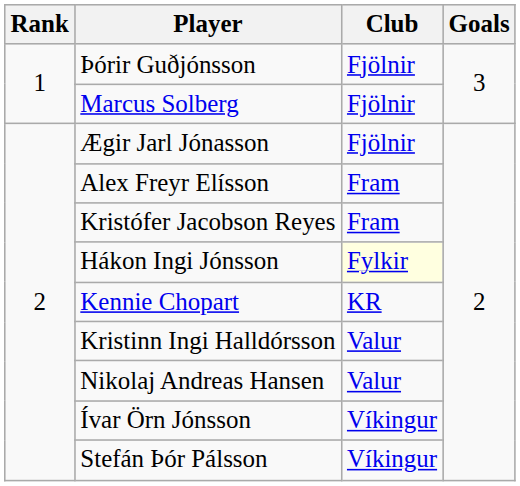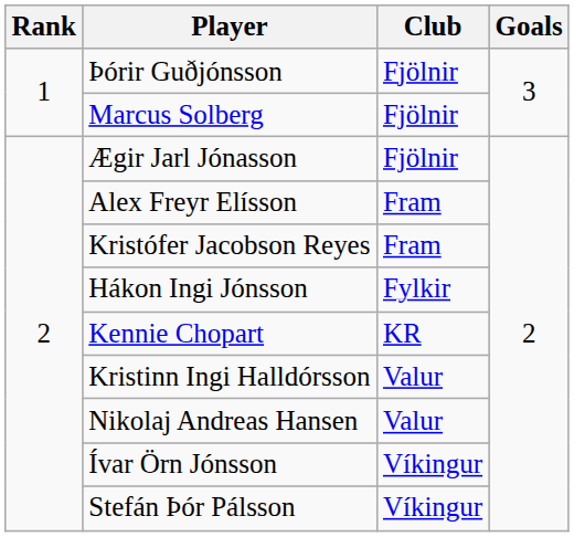 <table class="wikitable" style="text-align:center">
 <tr>
 <th>Rank</th>
 <th>Player</th>
 <th>Club</th>
 <th>Goals</th>
 </tr>
 <tr>
 <td rowspan="2">1</td>
 <td align="left"> Þórir Guðjónsson</td>
 <td align="left"><a href='#'>Fjölnir</a></td>
 <td rowspan="2">3</td>
 </tr>
 <tr>
 <td align="left"> <a href='#'>Marcus Solberg</a></td>
 <td align="left"><a href='#'>Fjölnir</a></td>
 </tr>
 <tr>
 <td rowspan="9">2</td>
 <td align="left"> Ægir Jarl Jónasson</td>
 <td align="left"><a href='#'>Fjölnir</a></td>
 <td rowspan="9">2</td>
 </tr>
 <tr>
 <td align="left"> Alex Freyr Elísson</td>
 <td align="left"><a href='#'>Fram</a></td>
 </tr>
 <tr>
 <td align="left"> Kristófer Jacobson Reyes</td>
 <td align="left"><a href='#'>Fram</a></td>
 </tr>
 <tr>
 <td align="left"> Hákon Ingi Jónsson</td>
-<td align="left" style="background: lightyellow;"><a href='#'>Fylkir</a></td>
+<td align="left"><a href='#'>Fylkir</a></td>
 </tr>
 <tr>
 <td align="left"> <a href='#'>Kennie Chopart</a></td>
 <td align="left"><a href='#'>KR</a></td>
 </tr>
 <tr>
 <td align="left"> Kristinn Ingi Halldórsson</td>
 <td align="left"><a href='#'>Valur</a></td>
 </tr>
 <tr>
 <td align="left"> Nikolaj Andreas Hansen</td>
 <td align="left"><a href='#'>Valur</a></td>
 </tr>
 <tr>
 <td align="left"> Ívar Örn Jónsson</td>
 <td align="left"><a href='#'>Víkingur</a></td>
 </tr>
 <tr>
 <td align="left"> Stefán Þór Pálsson</td>
 <td align="left"><a href='#'>Víkingur</a></td>
 </tr>
 </table>
